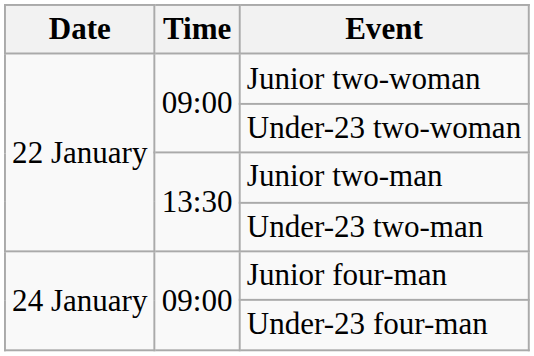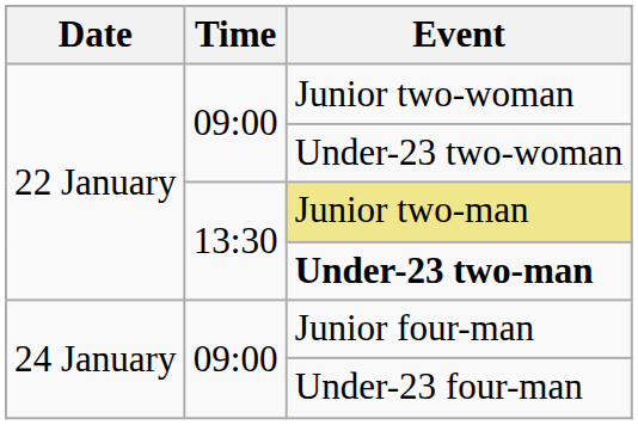 <table class="wikitable">
 <tr>
 <th>Date</th>
 <th>Time</th>
 <th>Event</th>
 </tr>
 <tr>
 <td rowspan="4">22 January</td>
 <td rowspan="2">09:00</td>
 <td>Junior two-woman</td>
 </tr>
 <tr>
 <td>Under-23 two-woman</td>
 </tr>
 <tr>
 <td rowspan="2">13:30</td>
-<td>Junior two-man</td>
+<td style="background: khaki;">Junior two-man</td>
 </tr>
 <tr>
-<td>Under-23 two-man</td>
+<td><strong>Under-23 two-man</strong></td>
 </tr>
 <tr>
 <td rowspan="2">24 January</td>
 <td rowspan="2">09:00</td>
 <td>Junior four-man</td>
 </tr>
 <tr>
 <td>Under-23 four-man</td>
 </tr>
 </table>
